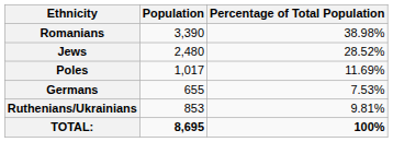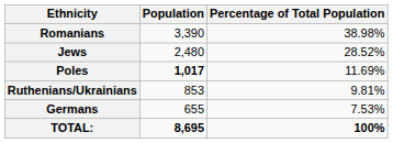 <table class="wikitable sticky-header plainrowheaders col1left" style=text-align:right>
 <tr>
 <th scope="col" style="align:left">Ethnicity</th>
 <th scope="col" style="align:right">Population</th>
 <th scope="col" style="align:right">Percentage of Total Population</th>
 </tr>
 <tr>
 <th scope=row>Romanians</th>
 <td>3,390</td>
 <td>38.98%</td>
 </tr>
 <tr>
 <th scope=row>Jews</th>
 <td>2,480</td>
 <td>28.52%</td>
 </tr>
 <tr>
 <th scope=row>Poles</th>
-<td>1,017</td>
+<td><strong>1,017</strong></td>
 <td>11.69%</td>
+</tr>
+<tr>
+<th scope=row>Ruthenians/Ukrainians</th>
+<td>853</td>
+<td>9.81%</td>
 </tr>
 <tr>
 <th scope=row>Germans</th>
 <td>655</td>
 <td>7.53%</td>
 </tr>
 <tr>
-<th scope=row>Ruthenians/Ukrainians</th>
-<td>853</td>
-<td>9.81%</td>
-</tr>
-<tr>
 <th scope=row><strong>TOTAL:</strong></th>
 <td><strong>8,695</strong></td>
 <td><strong>100%</strong></td>
 </tr>
 </table>
